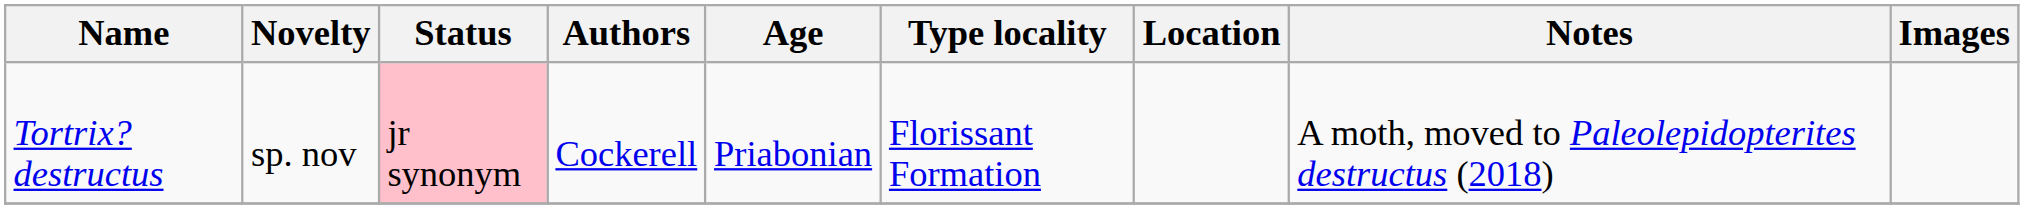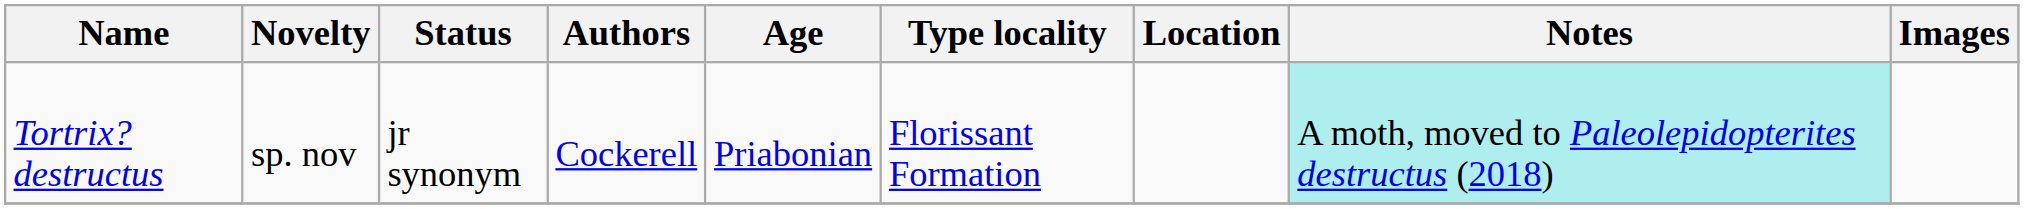 <table class="wikitable sortable" align="center" width="100%">
 <tr>
 <th>Name</th>
 <th>Novelty</th>
 <th>Status</th>
 <th>Authors</th>
 <th>Age</th>
 <th>Type locality</th>
 <th>Location</th>
 <th>Notes</th>
 <th>Images</th>
 </tr>
 <tr>
 <td><br><em><a href='#'>Tortrix? destructus</a></em></td>
 <td><br>sp. nov</td>
-<td style="background: pink;"><br>jr synonym</td>
+<td><br>jr synonym</td>
 <td><br><a href='#'>Cockerell</a></td>
 <td><br><a href='#'>Priabonian</a></td>
 <td><br><a href='#'>Florissant Formation</a></td>
 <td><br> <br></td>
-<td><br>A moth, moved to <em><a href='#'>Paleolepidopterites destructus</a></em> (<a href='#'>2018</a>)</td>
+<td style="background: paleturquoise;"><br>A moth, moved to <em><a href='#'>Paleolepidopterites destructus</a></em> (<a href='#'>2018</a>)</td>
 <td><br></td>
 </tr>
 <tr>
 </tr>
 </table>
